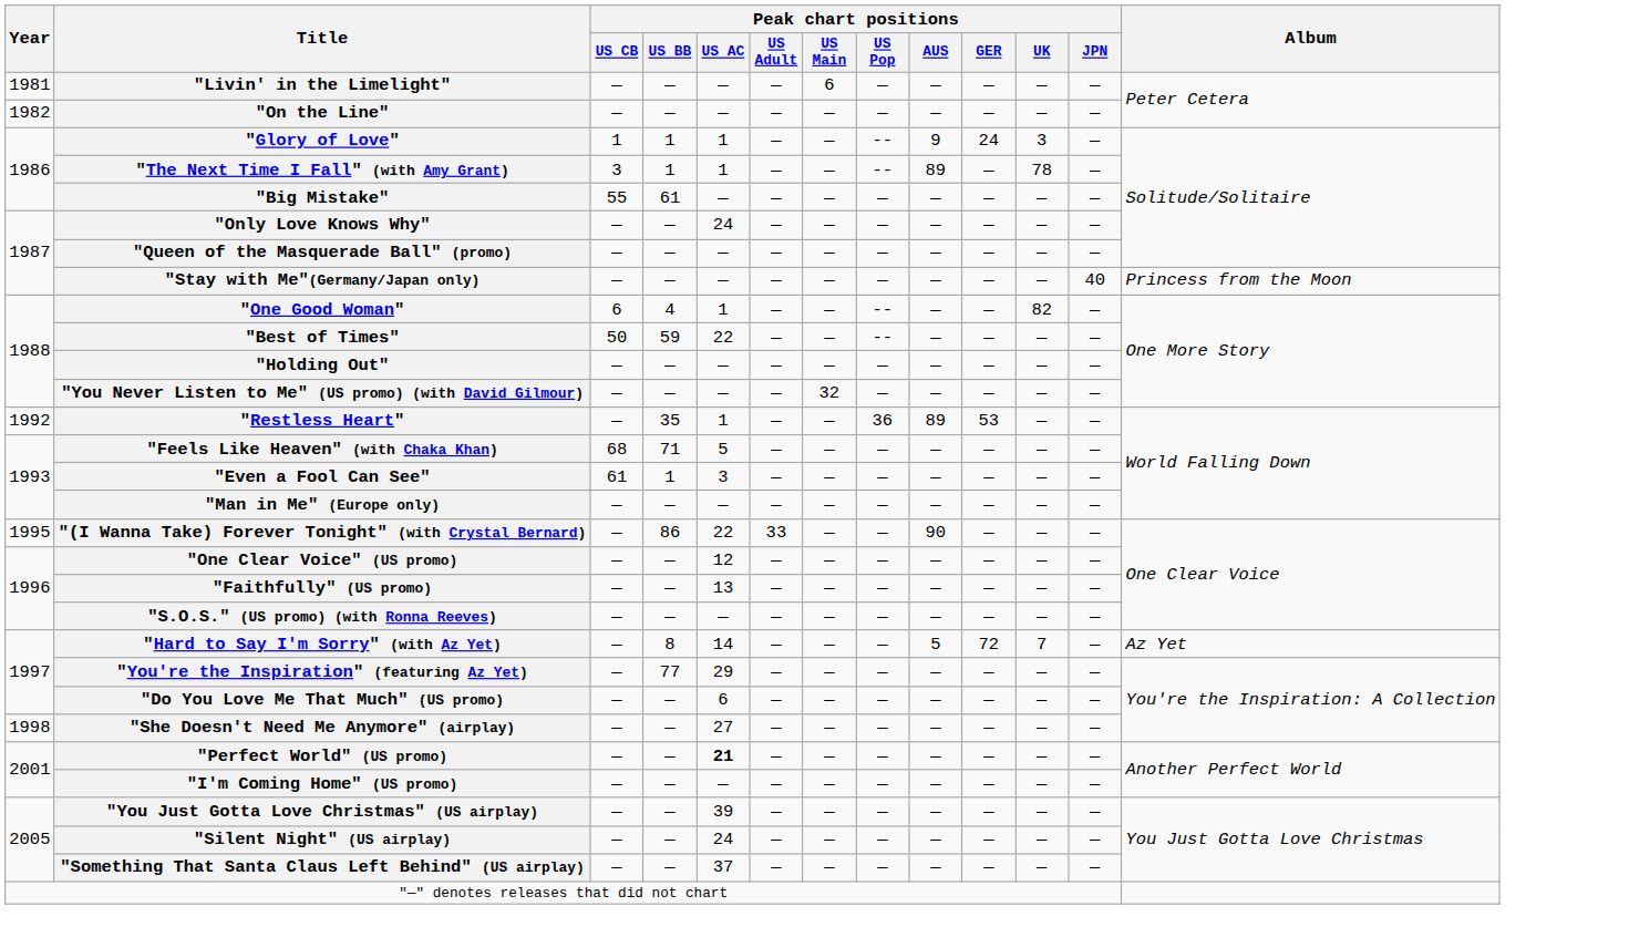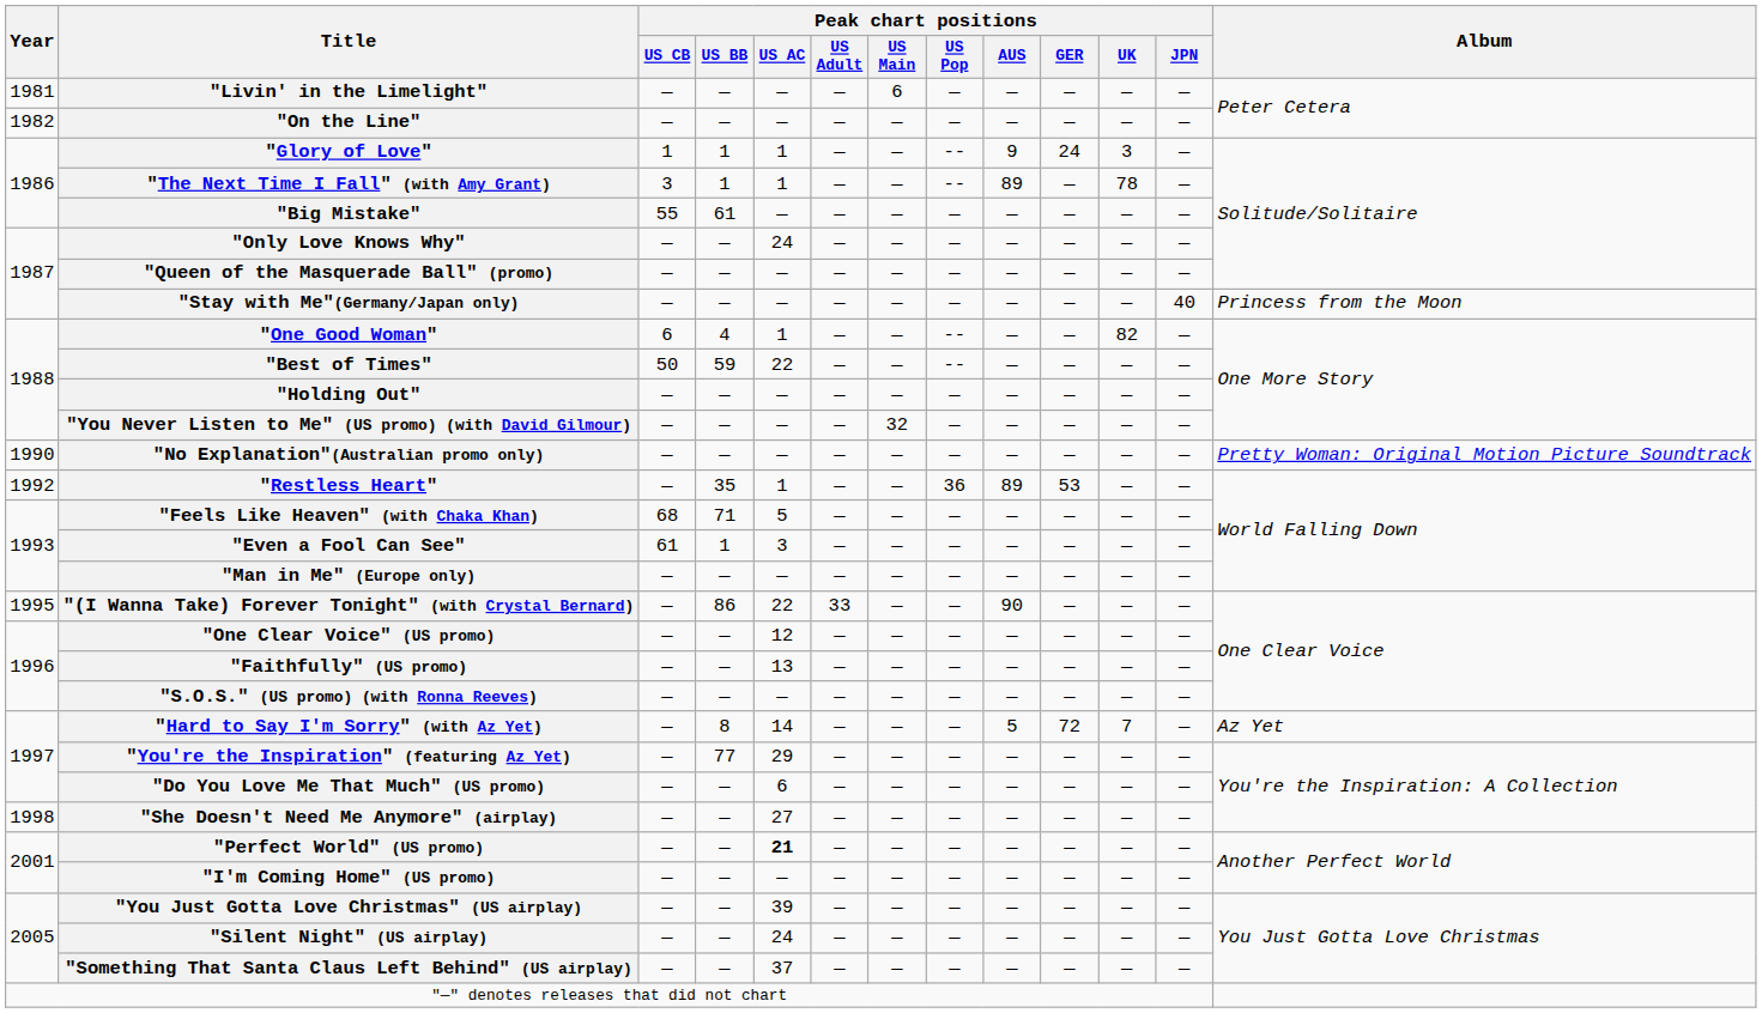 <table class="wikitable plainrowheaders" style="text-align:center;">
 <tr>
 <th rowspan="2">Year</th>
 <th rowspan="2">Title</th>
 <th colspan="10">Peak chart positions</th>
 <th rowspan="2">Album</th>
 </tr>
 <tr style="font-size:smaller;">
 <th style="width:35px;"><a href='#'>US CB</a><br></th>
 <th style="width:35px;"><a href='#'>US BB</a><br></th>
 <th style="width:35px;"><a href='#'>US AC</a><br></th>
 <th style="width:35px;"><a href='#'>US Adult</a><br></th>
 <th style="width:35px;"><a href='#'>US Main</a><br></th>
 <th style="width:35px;"><a href='#'>US Pop</a><br></th>
 <th style="width:35px;"><a href='#'>AUS</a><br></th>
 <th style="width:35px;"><a href='#'>GER</a><br></th>
 <th style="width:35px;"><a href='#'>UK</a><br></th>
 <th style="width:35px;"><a href='#'>JPN</a><br></th>
 </tr>
 <tr>
 <td>1981</td>
 <th scope="row">"Livin' in the Limelight"</th>
 <td>—</td>
 <td>—</td>
 <td>—</td>
 <td>—</td>
 <td>6</td>
 <td>—</td>
 <td>—</td>
 <td>—</td>
 <td>—</td>
 <td>—</td>
 <td style="text-align:left;" rowspan="2"><em>Peter Cetera</em></td>
 </tr>
 <tr>
 <td>1982</td>
 <th scope="row">"On the Line"</th>
 <td>—</td>
 <td>—</td>
 <td>—</td>
 <td>—</td>
 <td>—</td>
 <td>—</td>
 <td>—</td>
 <td>—</td>
 <td>—</td>
 <td>—</td>
 </tr>
 <tr>
 <td rowspan="3">1986</td>
 <th scope="row">"<a href='#'>Glory of Love</a>"</th>
 <td>1</td>
 <td>1</td>
 <td>1</td>
 <td>—</td>
 <td>—</td>
 <td>--</td>
 <td>9</td>
 <td>24</td>
 <td>3</td>
 <td>—</td>
 <td style="text-align:left;" rowspan="5"><em>Solitude/Solitaire</em></td>
 </tr>
 <tr>
 <th scope="row">"<a href='#'>The Next Time I Fall</a>" <small>(with <a href='#'>Amy Grant</a>)</small></th>
 <td>3</td>
 <td>1</td>
 <td>1</td>
 <td>—</td>
 <td>—</td>
 <td>--</td>
 <td>89</td>
 <td>—</td>
 <td>78</td>
 <td>—</td>
 </tr>
 <tr>
 <th scope="row">"Big Mistake"</th>
 <td>55</td>
 <td>61</td>
 <td>—</td>
 <td>—</td>
 <td>—</td>
 <td>—</td>
 <td>—</td>
 <td>—</td>
 <td>—</td>
 <td>—</td>
 </tr>
 <tr>
 <td rowspan="3">1987</td>
 <th scope="row">"Only Love Knows Why"</th>
 <td>—</td>
 <td>—</td>
 <td>24</td>
 <td>—</td>
 <td>—</td>
 <td>—</td>
 <td>—</td>
 <td>—</td>
 <td>—</td>
 <td>—</td>
 </tr>
 <tr>
 <th scope="row">"Queen of the Masquerade Ball" <small>(promo)</small></th>
 <td>—</td>
 <td>—</td>
 <td>—</td>
 <td>—</td>
 <td>—</td>
 <td>—</td>
 <td>—</td>
 <td>—</td>
 <td>—</td>
 <td>—</td>
 </tr>
 <tr>
 <th scope="row">"Stay with Me"<small>(Germany/Japan only)</small></th>
 <td>—</td>
 <td>—</td>
 <td>—</td>
 <td>—</td>
 <td>—</td>
 <td>—</td>
 <td>—</td>
 <td>—</td>
 <td>—</td>
 <td>40</td>
 <td style="text-align:left;" rowspan="1"><em>Princess from the Moon</em></td>
 </tr>
 <tr>
 <td rowspan="4">1988</td>
 <th scope="row">"<a href='#'>One Good Woman</a>"</th>
 <td>6</td>
 <td>4</td>
 <td>1</td>
 <td>—</td>
 <td>—</td>
 <td>--</td>
 <td>—</td>
 <td>—</td>
 <td>82</td>
 <td>—</td>
 <td style="text-align:left;" rowspan="4"><em>One More Story</em></td>
 </tr>
 <tr>
 <th scope="row">"Best of Times"</th>
 <td>50</td>
 <td>59</td>
 <td>22</td>
 <td>—</td>
 <td>—</td>
 <td>--</td>
 <td>—</td>
 <td>—</td>
 <td>—</td>
 <td>—</td>
 </tr>
 <tr>
 <th scope="row">"Holding Out"</th>
 <td>—</td>
 <td>—</td>
 <td>—</td>
 <td>—</td>
 <td>—</td>
 <td>—</td>
 <td>—</td>
 <td>—</td>
 <td>—</td>
 <td>—</td>
 </tr>
 <tr>
 <th scope="row">"You Never Listen to Me" <small>(US promo) (with <a href='#'>David Gilmour</a>)</small></th>
 <td>—</td>
 <td>—</td>
 <td>—</td>
 <td>—</td>
 <td>32</td>
 <td>—</td>
 <td>—</td>
 <td>—</td>
 <td>—</td>
 <td>—</td>
+</tr>
+<tr>
+<td>1990</td>
+<th scope="row">"No Explanation"<small>(Australian promo only)</small></th>
+<td>—</td>
+<td>—</td>
+<td>—</td>
+<td>—</td>
+<td>—</td>
+<td>—</td>
+<td>—</td>
+<td>—</td>
+<td>—</td>
+<td>—</td>
+<td style="text-align:left;" rowspan="1"><em><a href='#'>Pretty Woman: Original Motion Picture Soundtrack</a></em></td>
 </tr>
 <tr>
 <td>1992</td>
 <th scope="row">"<a href='#'>Restless Heart</a>"</th>
 <td>—</td>
 <td>35</td>
 <td>1</td>
 <td>—</td>
 <td>—</td>
 <td>36</td>
 <td>89</td>
 <td>53</td>
 <td>—</td>
 <td>—</td>
 <td style="text-align:left;" rowspan="4"><em>World Falling Down</em></td>
 </tr>
 <tr>
 <td rowspan="3">1993</td>
 <th scope="row">"Feels Like Heaven" <small>(with <a href='#'>Chaka Khan</a>)</small></th>
 <td>68</td>
 <td>71</td>
 <td>5</td>
 <td>—</td>
 <td>—</td>
 <td>—</td>
 <td>—</td>
 <td>—</td>
 <td>—</td>
 <td>—</td>
 </tr>
 <tr>
 <th scope="row">"Even a Fool Can See"</th>
 <td>61</td>
 <td>1</td>
 <td>3</td>
 <td>—</td>
 <td>—</td>
 <td>—</td>
 <td>—</td>
 <td>—</td>
 <td>—</td>
 <td>—</td>
 </tr>
 <tr>
 <th scope="row">"Man in Me" <small>(Europe only)</small></th>
 <td>—</td>
 <td>—</td>
 <td>—</td>
 <td>—</td>
 <td>—</td>
 <td>—</td>
 <td>—</td>
 <td>—</td>
 <td>—</td>
 <td>—</td>
 </tr>
 <tr>
 <td>1995</td>
 <th scope="row">"(I Wanna Take) Forever Tonight" <small>(with <a href='#'>Crystal Bernard</a>)</small></th>
 <td>—</td>
 <td>86</td>
 <td>22</td>
 <td>33</td>
 <td>—</td>
 <td>—</td>
 <td>90</td>
 <td>—</td>
 <td>—</td>
 <td>—</td>
 <td style="text-align:left;" rowspan="4"><em>One Clear Voice</em></td>
 </tr>
 <tr>
 <td rowspan="3">1996</td>
 <th scope="row">"One Clear Voice" <small>(US promo)</small></th>
 <td>—</td>
 <td>—</td>
 <td>12</td>
 <td>—</td>
 <td>—</td>
 <td>—</td>
 <td>—</td>
 <td>—</td>
 <td>—</td>
 <td>—</td>
 </tr>
 <tr>
 <th scope="row">"Faithfully" <small>(US promo)</small></th>
 <td>—</td>
 <td>—</td>
 <td>13</td>
 <td>—</td>
 <td>—</td>
 <td>—</td>
 <td>—</td>
 <td>—</td>
 <td>—</td>
 <td>—</td>
 </tr>
 <tr>
 <th scope="row">"S.O.S." <small>(US promo) (with <a href='#'>Ronna Reeves</a>)</small></th>
 <td>—</td>
 <td>—</td>
 <td>—</td>
 <td>—</td>
 <td>—</td>
 <td>—</td>
 <td>—</td>
 <td>—</td>
 <td>—</td>
 <td>—</td>
 </tr>
 <tr>
 <td rowspan="3">1997</td>
 <th scope="row">"<a href='#'>Hard to Say I'm Sorry</a>" <small>(with <a href='#'>Az Yet</a>)</small></th>
 <td>—</td>
 <td>8</td>
 <td>14</td>
 <td>—</td>
 <td>—</td>
 <td>—</td>
 <td>5</td>
 <td>72</td>
 <td>7</td>
 <td>—</td>
 <td style="text-align:left;" rowspan="1"><em>Az Yet</em></td>
 </tr>
 <tr>
 <th scope="row">"<a href='#'>You're the Inspiration</a>" <small>(featuring <a href='#'>Az Yet</a>)</small></th>
 <td>—</td>
 <td>77</td>
 <td>29</td>
 <td>—</td>
 <td>—</td>
 <td>—</td>
 <td>—</td>
 <td>—</td>
 <td>—</td>
 <td>—</td>
 <td style="text-align:left;" rowspan="3"><em>You're the Inspiration: A Collection</em></td>
 </tr>
 <tr>
 <th scope="row">"Do You Love Me That Much" <small>(US promo)</small></th>
 <td>—</td>
 <td>—</td>
 <td>6</td>
 <td>—</td>
 <td>—</td>
 <td>—</td>
 <td>—</td>
 <td>—</td>
 <td>—</td>
 <td>—</td>
 </tr>
 <tr>
 <td>1998</td>
 <th scope="row">"She Doesn't Need Me Anymore" <small>(airplay)</small></th>
 <td>—</td>
 <td>—</td>
 <td>27</td>
 <td>—</td>
 <td>—</td>
 <td>—</td>
 <td>—</td>
 <td>—</td>
 <td>—</td>
 <td>—</td>
 </tr>
 <tr>
 <td rowspan="2">2001</td>
 <th scope="row">"Perfect World" <small>(US promo)</small></th>
 <td>—</td>
 <td>—</td>
 <td><strong>21</strong></td>
 <td>—</td>
 <td>—</td>
 <td>—</td>
 <td>—</td>
 <td>—</td>
 <td>—</td>
 <td>—</td>
 <td style="text-align:left;" rowspan="2"><em>Another Perfect World</em></td>
 </tr>
 <tr>
 <th scope="row">"I'm Coming Home" <small>(US promo)</small></th>
 <td>—</td>
 <td>—</td>
 <td>—</td>
 <td>—</td>
 <td>—</td>
 <td>—</td>
 <td>—</td>
 <td>—</td>
 <td>—</td>
 <td>—</td>
 </tr>
 <tr>
 <td rowspan="3">2005</td>
 <th scope="row">"You Just Gotta Love Christmas" <small>(US airplay)</small></th>
 <td>—</td>
 <td>—</td>
 <td>39</td>
 <td>—</td>
 <td>—</td>
 <td>—</td>
 <td>—</td>
 <td>—</td>
 <td>—</td>
 <td>—</td>
 <td style="text-align:left;" rowspan="3"><em>You Just Gotta Love Christmas</em></td>
 </tr>
 <tr>
 <th scope="row">"Silent Night" <small>(US airplay)</small></th>
 <td>—</td>
 <td>—</td>
 <td>24</td>
 <td>—</td>
 <td>—</td>
 <td>—</td>
 <td>—</td>
 <td>—</td>
 <td>—</td>
 <td>—</td>
 </tr>
 <tr>
 <th scope="row">"Something That Santa Claus Left Behind" <small>(US airplay)</small></th>
 <td>—</td>
 <td>—</td>
 <td>37</td>
 <td>—</td>
 <td>—</td>
 <td>—</td>
 <td>—</td>
 <td>—</td>
 <td>—</td>
 <td>—</td>
 </tr>
 <tr>
 <td colspan="12" style="font-size:8pt">"—" denotes releases that did not chart</td>
 </tr>
 </table>
